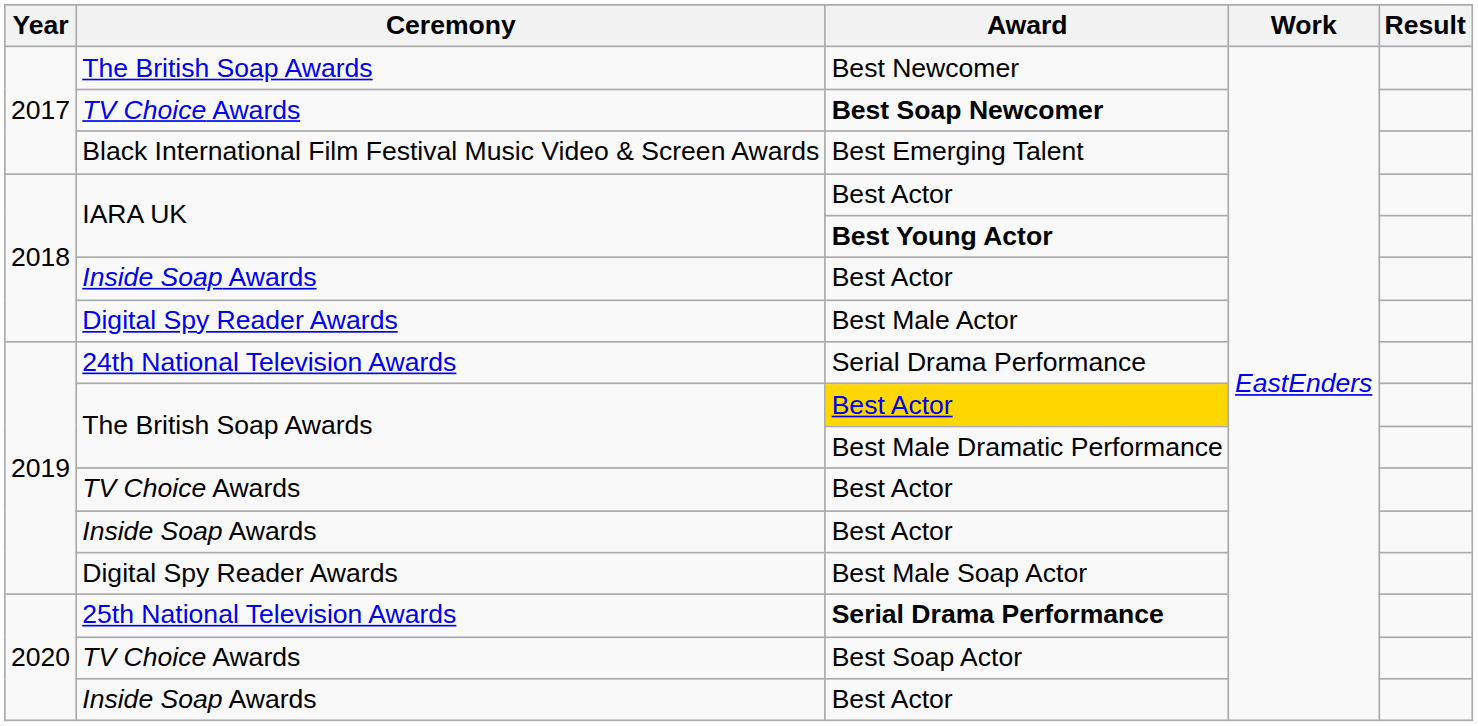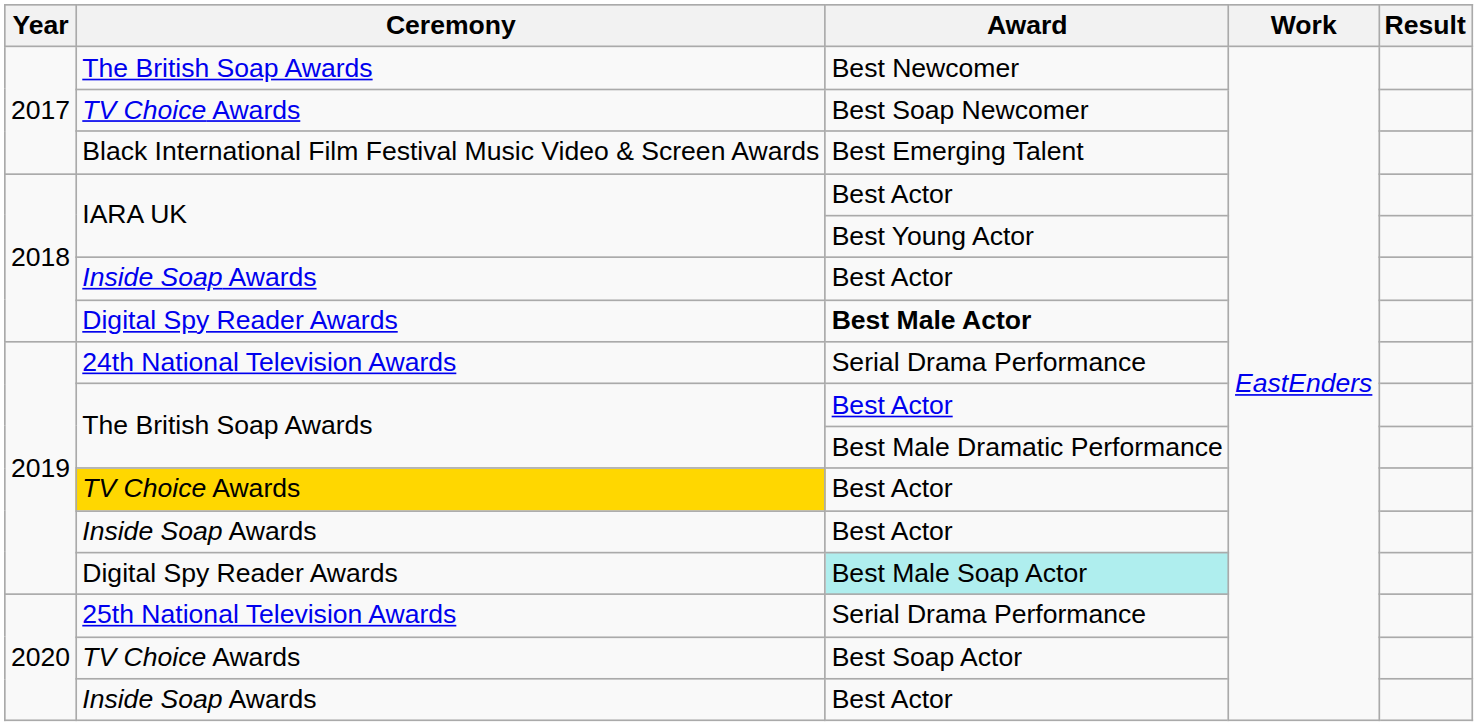 <table class="wikitable">
 <tr>
 <th>Year</th>
 <th>Ceremony</th>
 <th>Award</th>
 <th>Work</th>
 <th>Result</th>
 </tr>
 <tr>
 <td rowspan=3>2017</td>
 <td><a href='#'>The British Soap Awards</a></td>
 <td>Best Newcomer</td>
 <td rowspan="16"><em><a href='#'>EastEnders</a></em></td>
 <td></td>
 </tr>
 <tr>
 <td><a href='#'><em>TV Choice</em> Awards</a></td>
-<td><strong>Best Soap Newcomer</strong></td>
+<td>Best Soap Newcomer</td>
 <td></td>
 </tr>
 <tr>
 <td>Black International Film Festival Music Video & Screen Awards</td>
 <td>Best Emerging Talent</td>
 <td></td>
 </tr>
 <tr>
 <td rowspan=4>2018</td>
 <td rowspan="2">IARA UK</td>
 <td>Best Actor</td>
 <td></td>
 </tr>
 <tr>
-<td><strong>Best Young Actor</strong></td>
+<td>Best Young Actor</td>
 <td></td>
 </tr>
 <tr>
 <td><a href='#'><em>Inside Soap</em> Awards</a></td>
 <td>Best Actor</td>
 <td></td>
 </tr>
 <tr>
 <td><a href='#'>Digital Spy Reader Awards</a></td>
-<td>Best Male Actor</td>
+<td><strong>Best Male Actor</strong></td>
 <td></td>
 </tr>
 <tr>
 <td rowspan=6>2019</td>
 <td><a href='#'>24th National Television Awards</a></td>
 <td>Serial Drama Performance</td>
 <td></td>
 </tr>
 <tr>
 <td rowspan="2">The British Soap Awards</td>
-<td style="background: gold;"><a href='#'>Best Actor</a></td>
+<td><a href='#'>Best Actor</a></td>
 <td></td>
 </tr>
 <tr>
 <td>Best Male Dramatic Performance</td>
 <td></td>
 </tr>
 <tr>
-<td><em>TV Choice</em> Awards</td>
+<td style="background: gold;"><em>TV Choice</em> Awards</td>
 <td>Best Actor</td>
 <td></td>
 </tr>
 <tr>
 <td><em>Inside Soap</em> Awards</td>
 <td>Best Actor</td>
 <td></td>
 </tr>
 <tr>
 <td>Digital Spy Reader Awards</td>
-<td>Best Male Soap Actor</td>
+<td style="background: paleturquoise;">Best Male Soap Actor</td>
 <td></td>
 </tr>
 <tr>
 <td rowspan=3>2020</td>
 <td><a href='#'>25th National Television Awards</a></td>
-<td><strong>Serial Drama Performance</strong></td>
+<td>Serial Drama Performance</td>
 <td></td>
 </tr>
 <tr>
 <td><em>TV Choice</em> Awards</td>
 <td>Best Soap Actor</td>
 <td></td>
 </tr>
 <tr>
 <td><em>Inside Soap</em> Awards</td>
 <td>Best Actor</td>
 <td></td>
 </tr>
 </table>
